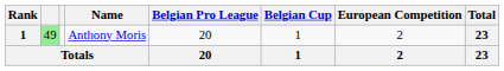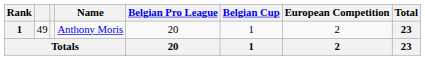 <table class="wikitable" style="text-align:center;">
 <tr>
 <th>Rank</th>
 <th></th>
 <th></th>
 <th>Name</th>
 <th><a href='#'>Belgian Pro League</a> </th>
 <th><a href='#'>Belgian Cup</a></th>
 <th>European Competition</th>
 <th>Total</th>
 </tr>
 <tr>
 <th>1</th>
-<td style="background: lightgreen;">49</td>
+<td>49</td>
 <td></td>
 <td style="text-align:left;" data-sort-value="Moris, Anthony"><a href='#'>Anthony Moris</a></td>
 <td>20</td>
 <td>1</td>
 <td>2</td>
 <th>23</th>
 </tr>
 <tr>
 <th colspan=4><strong>Totals</strong></th>
 <th>20</th>
 <th>1</th>
 <th>2</th>
 <th>23</th>
 </tr>
 </table>
